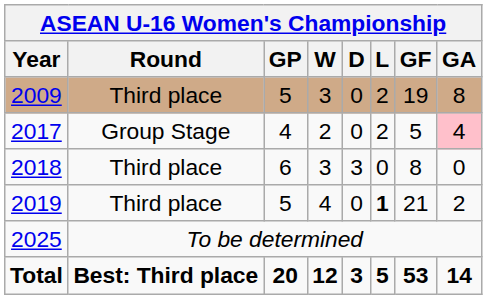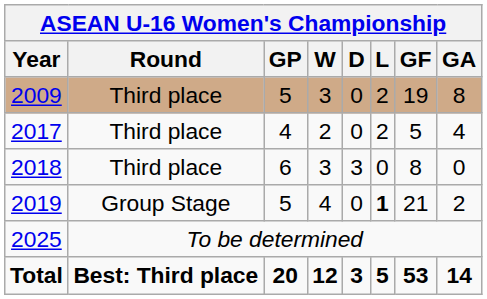 <table class="wikitable" style="text-align: center; font-size:95%;">
 <tr>
 <th colspan=8><a href='#'>ASEAN U-16 Women's Championship</a></th>
 </tr>
 <tr>
 <th>Year</th>
 <th>Round</th>
 <th>GP</th>
 <th>W</th>
 <th>D</th>
 <th>L</th>
 <th>GF</th>
 <th>GA</th>
 </tr>
 <tr style="background:#cfaa88">
 <td> <a href='#'>2009</a></td>
 <td>Third place</td>
 <td>5</td>
 <td>3</td>
 <td>0</td>
 <td>2</td>
 <td>19</td>
 <td>8</td>
 </tr>
 <tr>
 <td> <a href='#'>2017</a></td>
-<td>Group Stage</td>
+<td>Third place</td>
 <td>4</td>
 <td>2</td>
 <td>0</td>
 <td>2</td>
 <td>5</td>
-<td style="background: pink;">4</td>
+<td>4</td>
 </tr>
 <tr -style="background:#cfaa88">
 <td> <a href='#'>2018</a></td>
 <td>Third place</td>
 <td>6</td>
 <td>3</td>
 <td>3</td>
 <td>0</td>
 <td>8</td>
 <td>0</td>
 </tr>
 <tr -style="background:#cfaa88">
 <td> <a href='#'>2019</a></td>
-<td>Third place</td>
+<td>Group Stage</td>
 <td>5</td>
 <td>4</td>
 <td>0</td>
 <td><strong>1</strong></td>
 <td>21</td>
 <td>2</td>
 </tr>
 <tr>
 <td> <a href='#'>2025</a></td>
 <td colspan="7"><em>To be determined</em></td>
 </tr>
 <tr>
 <td><strong>Total</strong></td>
 <td><strong>Best: Third place</strong></td>
 <td><strong>20</strong></td>
 <td><strong>12</strong></td>
 <td><strong>3</strong></td>
 <td><strong>5</strong></td>
 <td><strong>53</strong></td>
 <td><strong>14</strong></td>
 </tr>
 </table>
